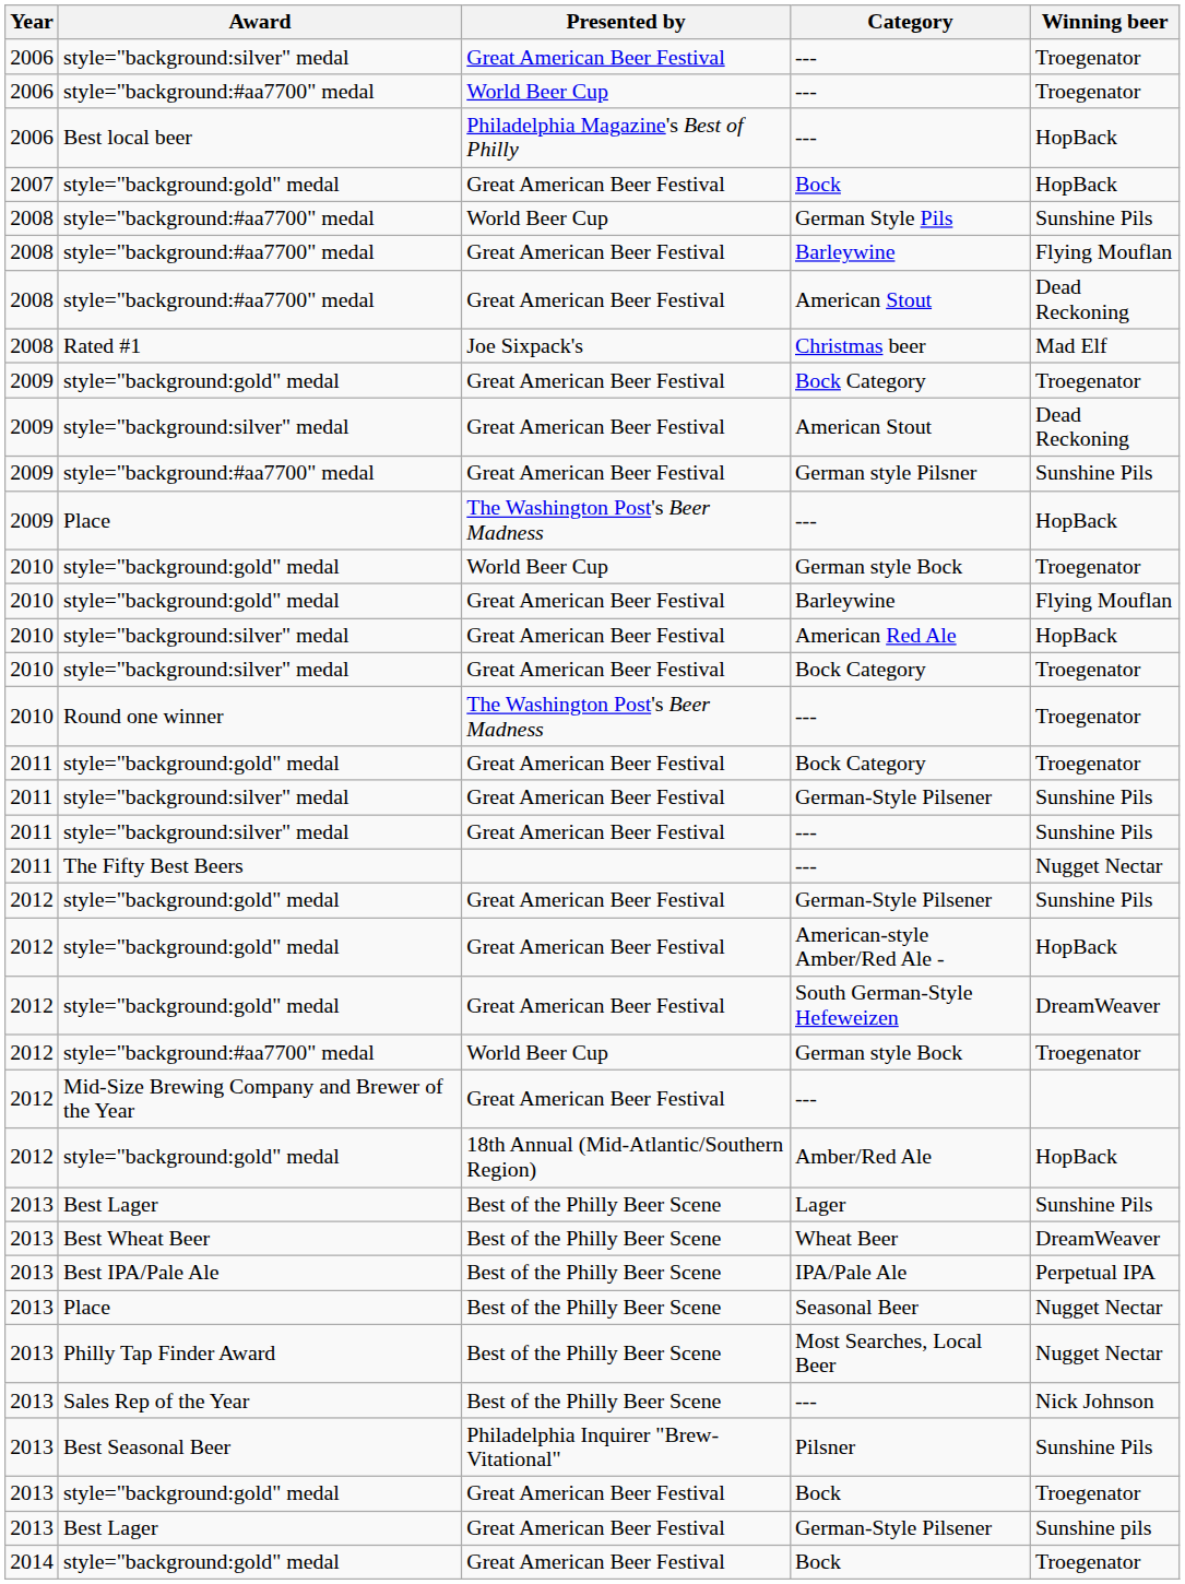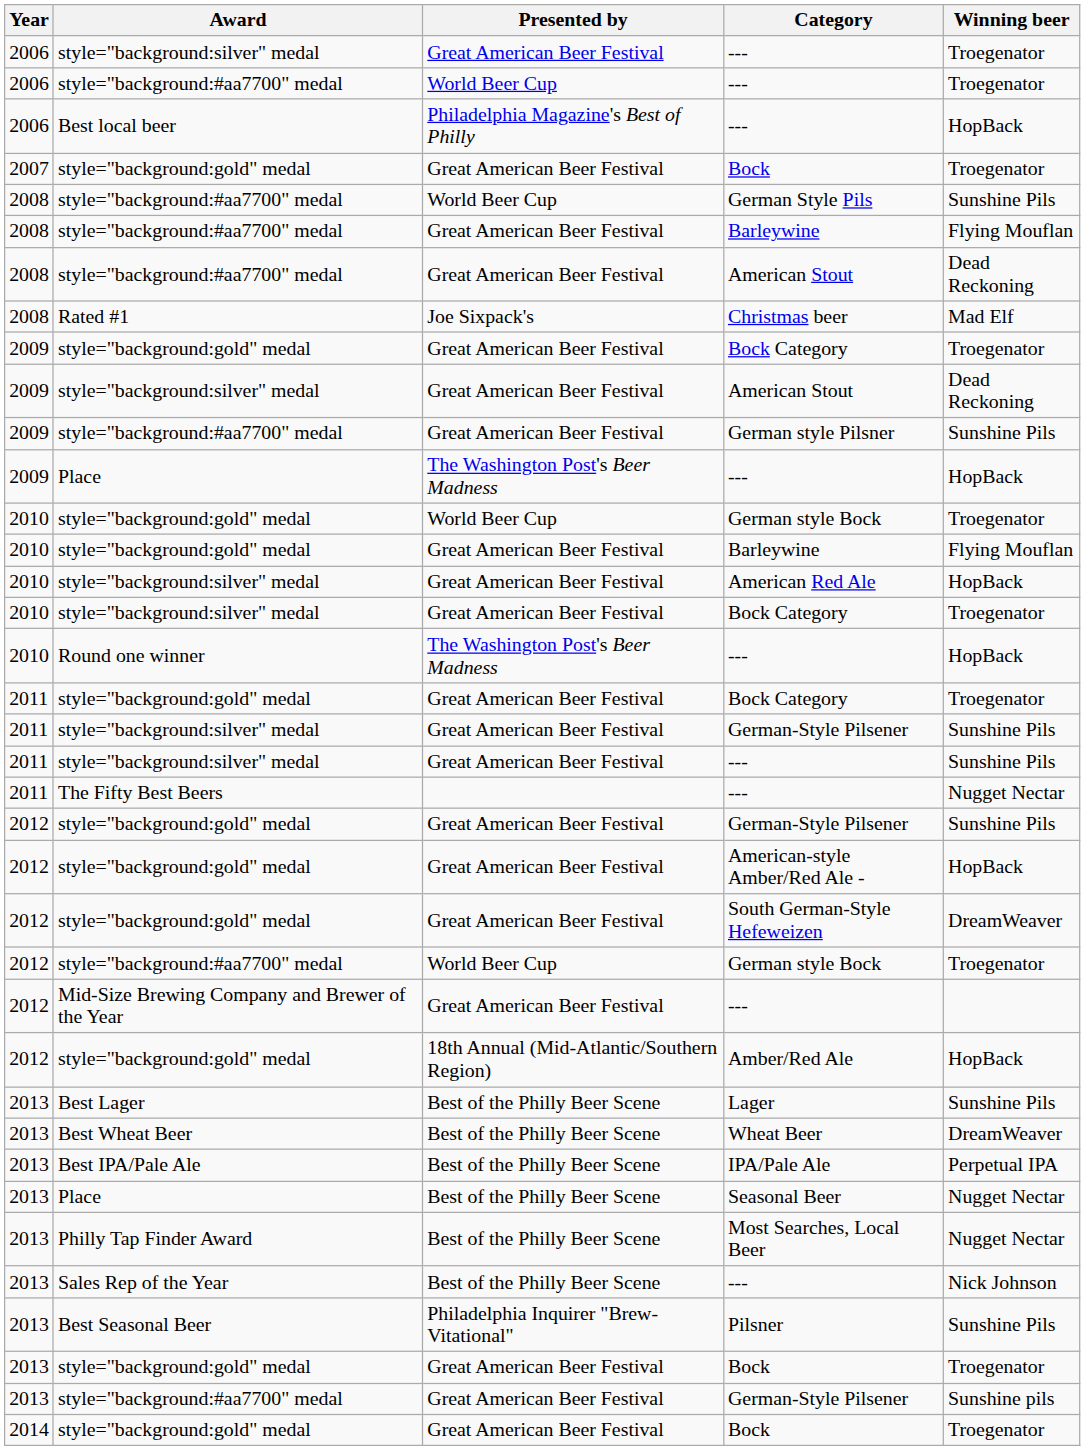 <table class="wikitable sortable" border="1">
 <tr>
 <th>Year</th>
 <th>Award</th>
 <th>Presented by</th>
 <th>Category</th>
 <th>Winning beer</th>
 </tr>
 <tr>
 <td>2006</td>
 <td>style="background:silver"  medal</td>
 <td><a href='#'>Great American Beer Festival</a></td>
 <td>---</td>
 <td>Troegenator</td>
 </tr>
 <tr>
 <td>2006</td>
 <td>style="background:#aa7700"  medal</td>
 <td><a href='#'>World Beer Cup</a></td>
 <td>---</td>
 <td>Troegenator</td>
 </tr>
 <tr>
 <td>2006</td>
 <td>Best local beer</td>
 <td><a href='#'>Philadelphia Magazine</a>'s <em>Best of Philly</em></td>
 <td>---</td>
 <td>HopBack</td>
 </tr>
 <tr>
 <td>2007</td>
 <td>style="background:gold"  medal</td>
 <td>Great American Beer Festival</td>
 <td><a href='#'>Bock</a></td>
-<td>HopBack</td>
+<td>Troegenator</td>
 </tr>
 <tr>
 <td>2008</td>
 <td>style="background:#aa7700"  medal</td>
 <td>World Beer Cup</td>
 <td>German Style <a href='#'>Pils</a></td>
 <td>Sunshine Pils</td>
 </tr>
 <tr>
 <td>2008</td>
 <td>style="background:#aa7700"  medal</td>
 <td>Great American Beer Festival</td>
 <td><a href='#'>Barleywine</a></td>
 <td>Flying Mouflan</td>
 </tr>
 <tr>
 <td>2008</td>
 <td>style="background:#aa7700"  medal</td>
 <td>Great American Beer Festival</td>
 <td>American <a href='#'>Stout</a></td>
 <td>Dead Reckoning</td>
 </tr>
 <tr>
 <td>2008</td>
 <td>Rated #1</td>
 <td>Joe Sixpack's <em></em></td>
 <td><a href='#'>Christmas</a> beer</td>
 <td>Mad Elf</td>
 </tr>
 <tr>
 <td>2009</td>
 <td>style="background:gold"  medal</td>
 <td>Great American Beer Festival</td>
 <td><a href='#'>Bock</a> Category</td>
 <td>Troegenator</td>
 </tr>
 <tr>
 <td>2009</td>
 <td>style="background:silver"  medal</td>
 <td>Great American Beer Festival</td>
 <td>American Stout</td>
 <td>Dead Reckoning</td>
 </tr>
 <tr>
 <td>2009</td>
 <td>style="background:#aa7700"  medal</td>
 <td>Great American Beer Festival</td>
 <td>German style Pilsner</td>
 <td>Sunshine Pils</td>
 </tr>
 <tr>
 <td>2009</td>
 <td> Place</td>
 <td><a href='#'>The Washington Post</a>'s <em>Beer Madness</em></td>
 <td>---</td>
 <td>HopBack</td>
 </tr>
 <tr>
 <td>2010</td>
 <td>style="background:gold"  medal</td>
 <td>World Beer Cup</td>
 <td>German style Bock</td>
 <td>Troegenator</td>
 </tr>
 <tr>
 <td>2010</td>
 <td>style="background:gold"  medal</td>
 <td>Great American Beer Festival</td>
 <td>Barleywine</td>
 <td>Flying Mouflan</td>
 </tr>
 <tr>
 <td>2010</td>
 <td>style="background:silver"  medal</td>
 <td>Great American Beer Festival</td>
 <td>American <a href='#'>Red Ale</a></td>
 <td>HopBack</td>
 </tr>
 <tr>
 <td>2010</td>
 <td>style="background:silver"  medal</td>
 <td>Great American Beer Festival</td>
 <td>Bock Category</td>
 <td>Troegenator</td>
 </tr>
 <tr>
 <td>2010</td>
 <td>Round one winner</td>
 <td><a href='#'>The Washington Post</a>'s <em>Beer Madness</em></td>
 <td>---</td>
-<td>Troegenator</td>
+<td>HopBack</td>
 </tr>
 <tr>
 <td>2011</td>
 <td>style="background:gold"  medal</td>
 <td>Great American Beer Festival</td>
 <td>Bock Category</td>
 <td>Troegenator</td>
 </tr>
 <tr>
 <td>2011</td>
 <td>style="background:silver"  medal</td>
 <td>Great American Beer Festival</td>
 <td>German-Style Pilsener</td>
 <td>Sunshine Pils</td>
 </tr>
 <tr>
 <td>2011</td>
 <td>style="background:silver"  medal</td>
 <td>Great American Beer Festival</td>
 <td>---</td>
 <td>Sunshine Pils</td>
 </tr>
 <tr>
 <td>2011</td>
 <td>The Fifty Best Beers</td>
 <td></td>
 <td>---</td>
 <td>Nugget Nectar</td>
 </tr>
 <tr>
 <td>2012</td>
 <td>style="background:gold"  medal</td>
 <td>Great American Beer Festival</td>
 <td>German-Style Pilsener</td>
 <td>Sunshine Pils</td>
 </tr>
 <tr>
 <td>2012</td>
 <td>style="background:gold"  medal</td>
 <td>Great American Beer Festival</td>
 <td>American-style Amber/Red Ale -</td>
 <td>HopBack</td>
 </tr>
 <tr>
 <td>2012</td>
 <td>style="background:gold"  medal</td>
 <td>Great American Beer Festival</td>
 <td>South German-Style <a href='#'>Hefeweizen</a></td>
 <td>DreamWeaver</td>
 </tr>
 <tr>
 <td>2012</td>
 <td>style="background:#aa7700"  medal</td>
 <td>World Beer Cup</td>
 <td>German style Bock</td>
 <td>Troegenator</td>
 </tr>
 <tr>
 <td>2012</td>
 <td>Mid-Size Brewing Company and Brewer of the Year</td>
 <td>Great American Beer Festival</td>
 <td>---</td>
 <td></td>
 </tr>
 <tr>
 <td>2012</td>
 <td>style="background:gold"  medal</td>
 <td>18th Annual  (Mid-Atlantic/Southern Region)</td>
 <td>Amber/Red Ale</td>
 <td>HopBack</td>
 </tr>
 <tr>
 <td>2013</td>
 <td>Best Lager</td>
 <td>Best of the Philly Beer Scene</td>
 <td>Lager</td>
 <td>Sunshine Pils</td>
 </tr>
 <tr>
 <td>2013</td>
 <td>Best Wheat Beer</td>
 <td>Best of the Philly Beer Scene</td>
 <td>Wheat Beer</td>
 <td>DreamWeaver</td>
 </tr>
 <tr>
 <td>2013</td>
 <td>Best IPA/Pale Ale</td>
 <td>Best of the Philly Beer Scene</td>
 <td>IPA/Pale Ale</td>
 <td>Perpetual IPA</td>
 </tr>
 <tr>
 <td>2013</td>
 <td> Place</td>
 <td>Best of the Philly Beer Scene</td>
 <td>Seasonal Beer</td>
 <td>Nugget Nectar</td>
 </tr>
 <tr>
 <td>2013</td>
 <td>Philly Tap Finder Award</td>
 <td>Best of the Philly Beer Scene</td>
 <td>Most Searches, Local Beer</td>
 <td>Nugget Nectar</td>
 </tr>
 <tr>
 <td>2013</td>
 <td>Sales Rep of the Year</td>
 <td>Best of the Philly Beer Scene</td>
 <td>---</td>
 <td>Nick Johnson</td>
 </tr>
 <tr>
 <td>2013</td>
 <td>Best Seasonal Beer</td>
 <td>Philadelphia Inquirer "Brew-Vitational"</td>
 <td>Pilsner</td>
 <td>Sunshine Pils</td>
 </tr>
 <tr>
 <td>2013</td>
 <td>style="background:gold"  medal</td>
 <td>Great American Beer Festival</td>
 <td>Bock</td>
 <td>Troegenator</td>
 </tr>
 <tr>
 <td>2013</td>
-<td>Best Lager</td>
+<td>style="background:#aa7700"  medal</td>
 <td>Great American Beer Festival</td>
 <td>German-Style Pilsener</td>
 <td>Sunshine pils</td>
 </tr>
 <tr>
 <td>2014</td>
 <td>style="background:gold"  medal</td>
 <td>Great American Beer Festival</td>
 <td>Bock</td>
 <td>Troegenator</td>
 </tr>
 <tr>
 </tr>
 </table>
